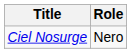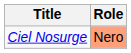 <table class="wikitable">
 <tr>
 <th>Title</th>
 <th>Role</th>
 </tr>
 <tr>
 <td><em><a href='#'>Ciel Nosurge</a></em></td>
-<td>Nero</td>
+<td style="background: lightsalmon;">Nero</td>
 </tr>
 </table>
